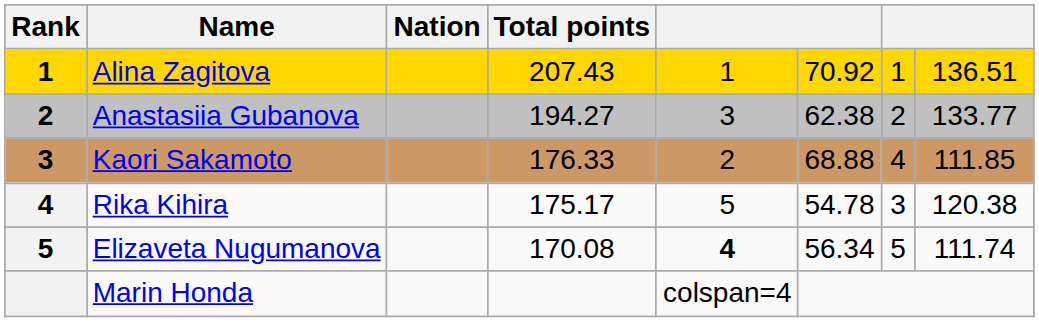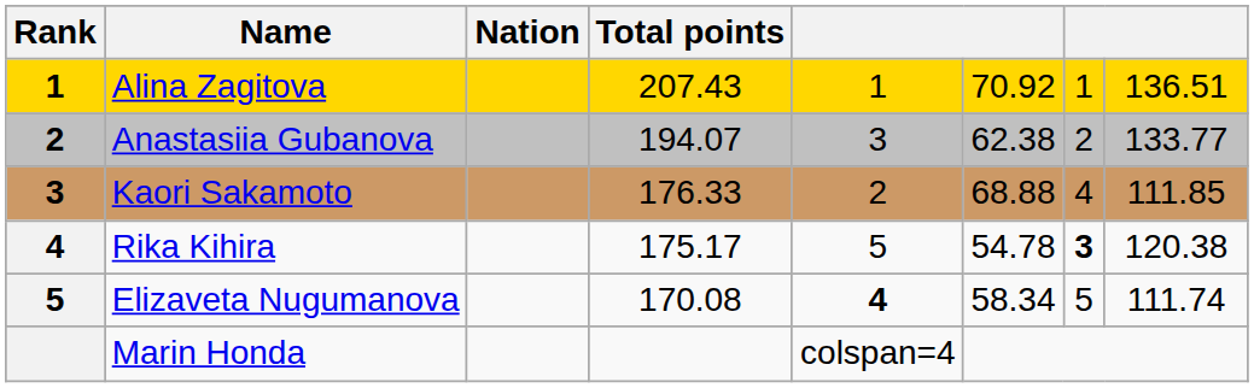 <table class="wikitable sortable">
 <tr>
 <th>Rank</th>
 <th>Name</th>
 <th>Nation</th>
 <th>Total points</th>
 <th colspan="2" width="80px"></th>
 <th colspan="2" width="80px"></th>
 </tr>
 <tr bgcolor="gold">
 <td align="center"><strong>1</strong></td>
 <td><a href='#'>Alina Zagitova</a></td>
 <td></td>
 <td align="center">207.43</td>
 <td align="center">1</td>
 <td align="center">70.92</td>
 <td align="center">1</td>
 <td align="center">136.51</td>
 </tr>
 <tr bgcolor="silver">
 <td align="center"><strong>2</strong></td>
 <td><a href='#'>Anastasiia Gubanova</a></td>
 <td></td>
-<td align="center">194.27</td>
+<td align="center">194.07</td>
 <td align="center">3</td>
 <td align="center">62.38</td>
 <td align="center">2</td>
 <td align="center">133.77</td>
 </tr>
 <tr bgcolor="cc9966">
 <td align="center"><strong>3</strong></td>
 <td><a href='#'>Kaori Sakamoto</a></td>
 <td></td>
 <td align="center">176.33</td>
 <td align="center">2</td>
 <td align="center">68.88</td>
 <td align="center">4</td>
 <td align="center">111.85</td>
 </tr>
 <tr>
 <th>4</th>
 <td><a href='#'>Rika Kihira</a></td>
 <td></td>
 <td align="center">175.17</td>
 <td align="center">5</td>
 <td align="center">54.78</td>
-<td align="center">3</td>
+<td align="center"><strong>3</strong></td>
 <td align="center">120.38</td>
 </tr>
 <tr>
 <th>5</th>
 <td><a href='#'>Elizaveta Nugumanova</a></td>
 <td></td>
 <td align="center">170.08</td>
 <td align="center"><strong>4</strong></td>
-<td align="center">56.34</td>
+<td align="center">58.34</td>
 <td align="center">5</td>
 <td align="center">111.74</td>
 </tr>
 <tr>
 <th></th>
 <td><a href='#'>Marin Honda</a></td>
 <td></td>
 <td></td>
 <td>colspan=4 </td>
 </tr>
 </table>
